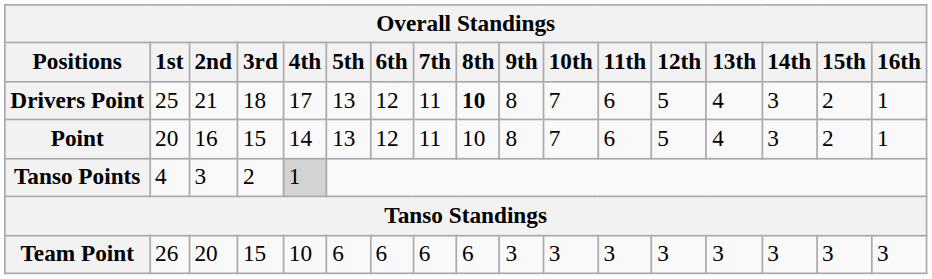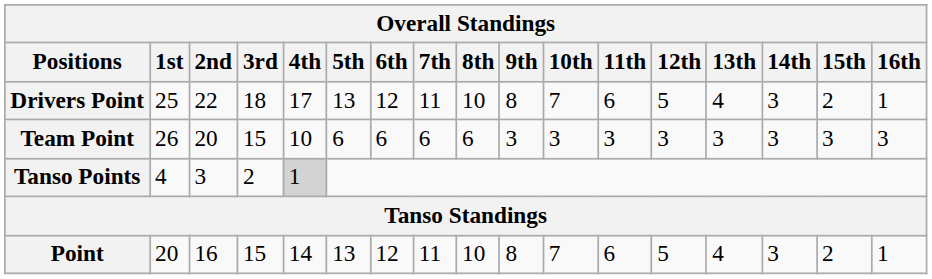 <table class="wikitable" style="font-size:85%">
 <tr>
 <th colspan="17">Overall Standings</th>
 </tr>
 <tr>
 <th>Positions</th>
 <th>1st</th>
 <th>2nd</th>
 <th>3rd</th>
 <th>4th</th>
 <th>5th</th>
 <th>6th</th>
 <th>7th</th>
 <th>8th</th>
 <th>9th</th>
 <th>10th</th>
 <th>11th</th>
 <th>12th</th>
 <th>13th</th>
 <th>14th</th>
 <th>15th</th>
 <th>16th</th>
 </tr>
 <tr>
 <th>Drivers Point</th>
 <td>25</td>
-<td>21</td>
+<td>22</td>
 <td>18</td>
 <td>17</td>
 <td>13</td>
 <td>12</td>
 <td>11</td>
-<td><strong>10</strong></td>
+<td>10</td>
 <td>8</td>
 <td>7</td>
 <td>6</td>
 <td>5</td>
 <td>4</td>
 <td>3</td>
 <td>2</td>
 <td>1</td>
+</tr>
+<tr>
+<th>Team Point</th>
+<td>26</td>
+<td>20</td>
+<td>15</td>
+<td>10</td>
+<td>6</td>
+<td>6</td>
+<td>6</td>
+<td>6</td>
+<td>3</td>
+<td>3</td>
+<td>3</td>
+<td>3</td>
+<td>3</td>
+<td>3</td>
+<td>3</td>
+<td>3</td>
+</tr>
+<tr>
+<th>Tanso Points</th>
+<td>4</td>
+<td>3</td>
+<td>2</td>
+<td style="background: lightgrey;">1</td>
+<td colspan="12"></td>
+</tr>
+<tr>
+<th colspan="17">Tanso Standings</th>
 </tr>
 <tr>
 <th>Point</th>
 <td>20</td>
 <td>16</td>
 <td>15</td>
 <td>14</td>
 <td>13</td>
 <td>12</td>
 <td>11</td>
 <td>10</td>
 <td>8</td>
 <td>7</td>
 <td>6</td>
 <td>5</td>
 <td>4</td>
 <td>3</td>
 <td>2</td>
 <td>1</td>
 </tr>
-<tr>
-<th>Tanso Points</th>
-<td>4</td>
-<td>3</td>
-<td>2</td>
-<td style="background: lightgrey;">1</td>
-<td colspan="12"></td>
-</tr>
-<tr>
-<th colspan="17">Tanso Standings</th>
-</tr>
-<tr>
-<th>Team Point</th>
-<td>26</td>
-<td>20</td>
-<td>15</td>
-<td>10</td>
-<td>6</td>
-<td>6</td>
-<td>6</td>
-<td>6</td>
-<td>3</td>
-<td>3</td>
-<td>3</td>
-<td>3</td>
-<td>3</td>
-<td>3</td>
-<td>3</td>
-<td>3</td>
-</tr>
 </table>
